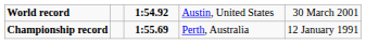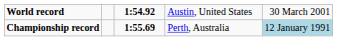 <table class="wikitable">
 <tr>
 <td><strong>World record</strong></td>
 <td style="padding-right:1em"></td>
 <td style="text-align:center;padding-left:1em; padding-right:1em;"><strong>1:54.92</strong></td>
 <td style="padding-right:1em"><a href='#'>Austin</a>, United States</td>
 <td align=right>30 March 2001</td>
 </tr>
 <tr>
 <td><strong>Championship record</strong></td>
 <td style="padding-right:1em"></td>
 <td style="text-align:center;padding-left:1em; padding-right:1em;"><strong>1:55.69</strong></td>
 <td style="padding-right:1em"><a href='#'>Perth</a>, Australia</td>
-<td align=right>12 January 1991</td>
+<td align=right style="background: lightblue;">12 January 1991</td>
 </tr>
 </table>
